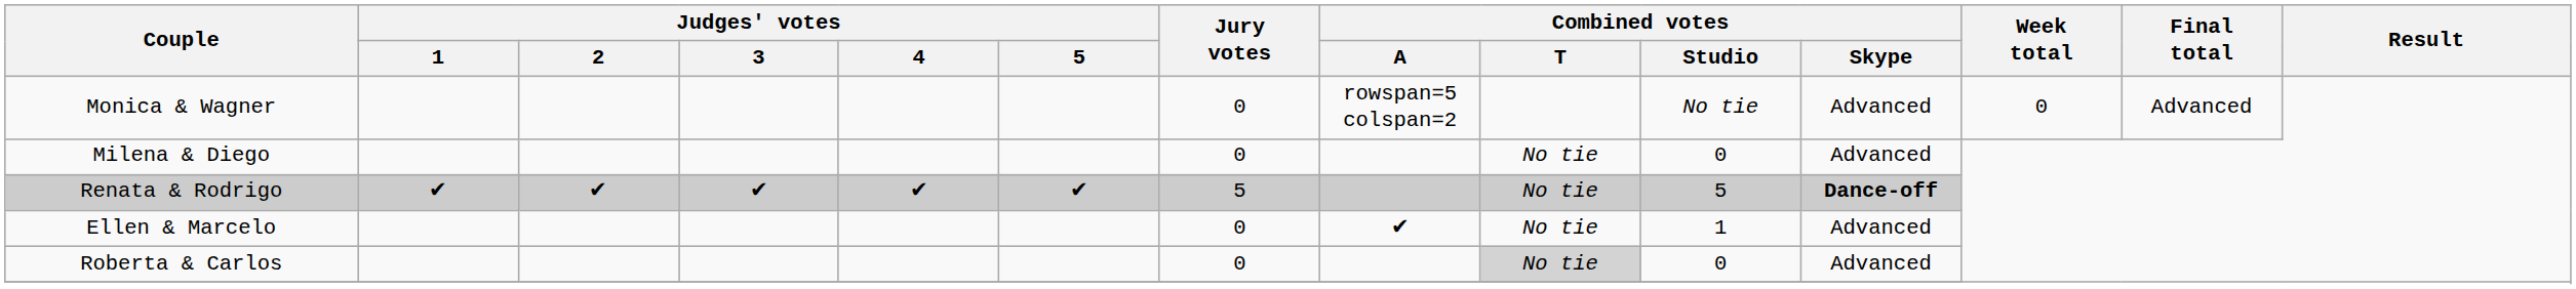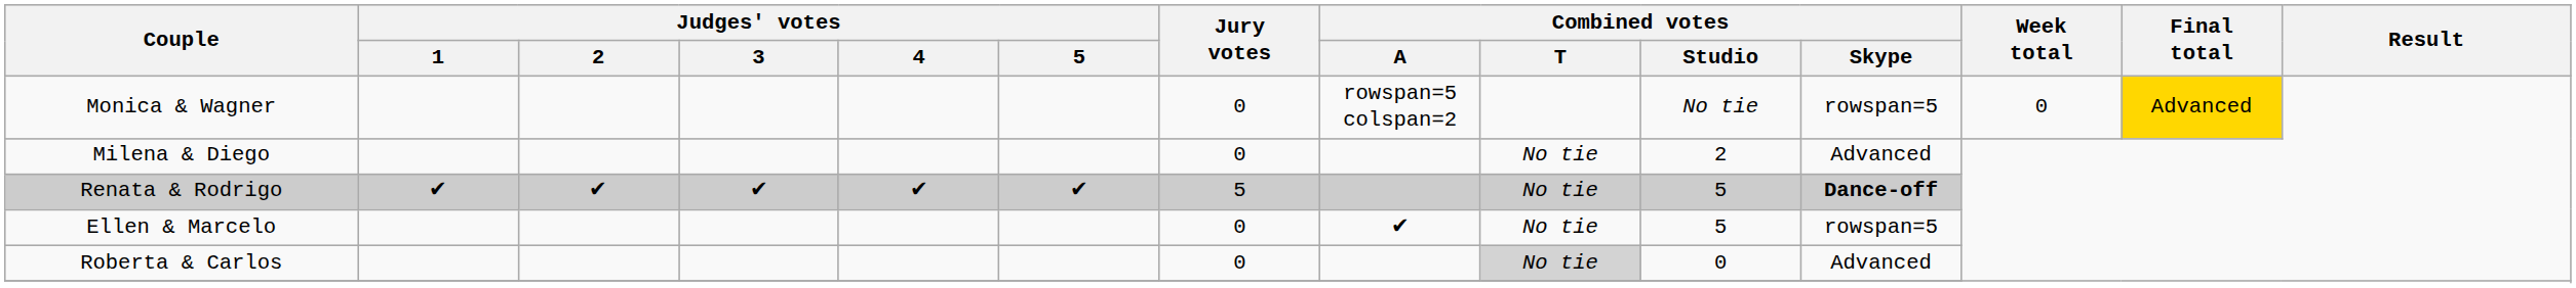 <table class="wikitable" style="font-size:100%; line-height:16px; text-align:center" width="100%">
 <tr>
 <th rowspan=2 width="11.00%">Couple</th>
 <th colspan=5 width="25.00%">Judges' votes</th>
 <th rowspan=2 width="05.00%">Jury<br>votes</th>
 <th colspan=4 width="20.00%">Combined votes</th>
 <th rowspan=2 width="05.00%">Week<br>total</th>
 <th rowspan=2 width="05.00%">Final<br>total</th>
 <th rowspan=2 width="09.00%">Result</th>
 </tr>
 <tr>
 <th width="05.00%">1</th>
 <th width="05.00%">2</th>
 <th width="05.00%">3</th>
 <th width="05.00%">4</th>
 <th width="05.00%">5</th>
 <th width="05.00%">A</th>
 <th width="05.00%">T</th>
 <th width="05.00%">Studio</th>
 <th width="05.00%">Skype</th>
 </tr>
 <tr>
 <td>Monica & Wagner</td>
 <td></td>
 <td></td>
 <td></td>
 <td></td>
 <td></td>
 <td>0</td>
 <td>rowspan=5 colspan=2 </td>
 <td></td>
 <td><em>No tie</em></td>
-<td>Advanced</td>
+<td>rowspan=5 </td>
 <td>0</td>
-<td>Advanced</td>
+<td style="background: gold;">Advanced</td>
 </tr>
 <tr>
 <td>Milena & Diego</td>
 <td></td>
 <td></td>
 <td></td>
 <td></td>
 <td></td>
 <td>0</td>
 <td></td>
 <td><em>No tie</em></td>
-<td>0</td>
+<td>2</td>
 <td>Advanced</td>
 </tr>
 <tr bgcolor="CCCCCC">
 <td>Renata & Rodrigo</td>
 <td>✔</td>
 <td>✔</td>
 <td>✔</td>
 <td>✔</td>
 <td>✔</td>
 <td>5</td>
 <td></td>
 <td><em>No tie</em></td>
 <td>5</td>
 <td><strong>Dance-off</strong></td>
 </tr>
 <tr>
 <td>Ellen & Marcelo</td>
 <td></td>
 <td></td>
 <td></td>
 <td></td>
 <td></td>
 <td>0</td>
 <td>✔</td>
 <td><em>No tie</em></td>
-<td>1</td>
-<td>Advanced</td>
+<td>5</td>
+<td>rowspan=5 </td>
 </tr>
 <tr>
 <td>Roberta & Carlos</td>
 <td></td>
 <td></td>
 <td></td>
 <td></td>
 <td></td>
 <td>0</td>
 <td></td>
 <td style="background: lightgrey;"><em>No tie</em></td>
 <td>0</td>
 <td>Advanced</td>
 </tr>
 <tr>
 </tr>
 </table>
